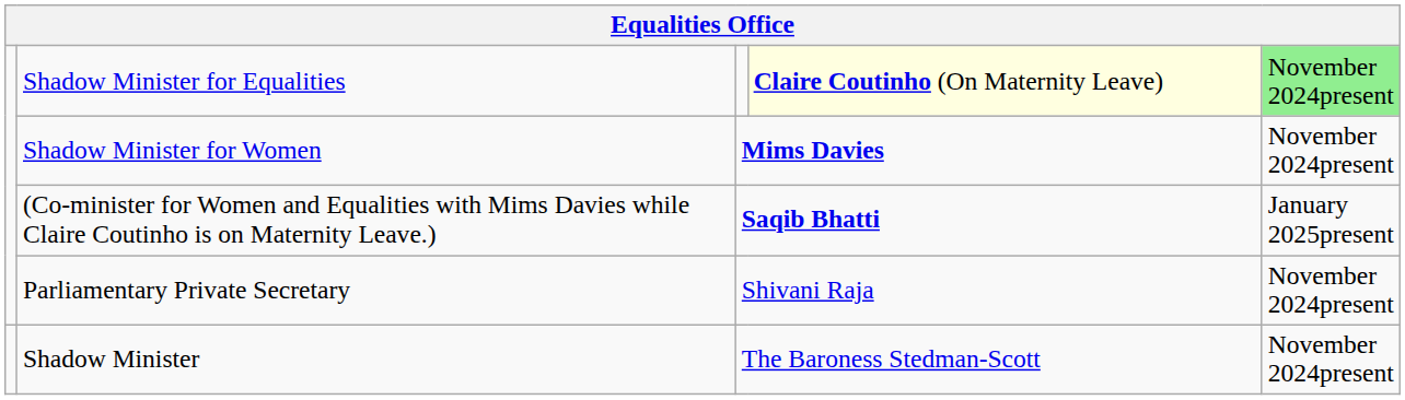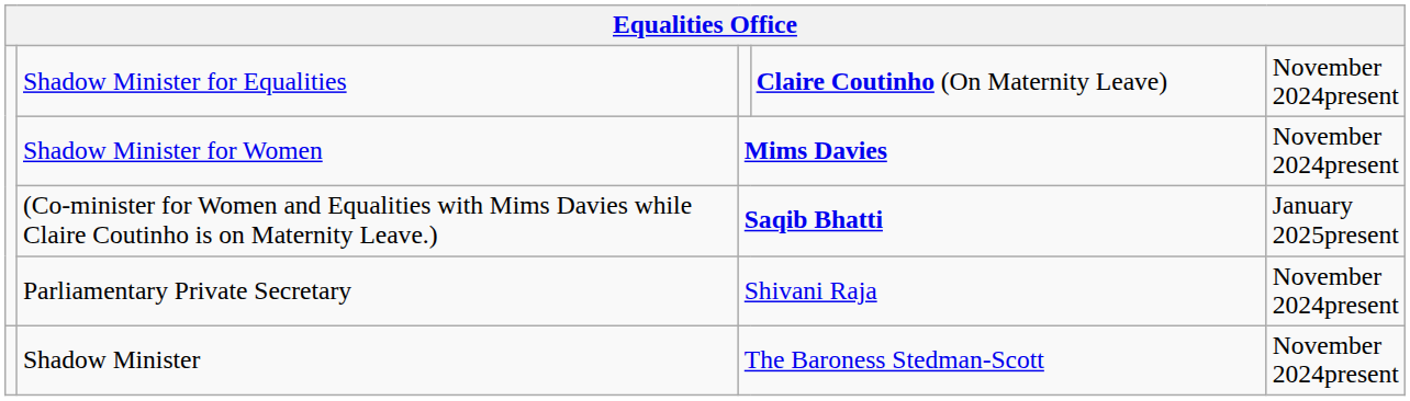 <table class="wikitable">
 <tr>
 <th colspan="5"><a href='#'>Equalities Office</a></th>
 </tr>
 <tr>
 <td rowspan="4" style="background: "></td>
 <td style="width: 450px;"><a href='#'>Shadow Minister for Equalities</a></td>
 <td style="background: "></td>
-<td style="background: lightyellow; width: 320px;"><strong><a href='#'>Claire Coutinho</a></strong> (On Maternity Leave)</td>
-<td style="background: lightgreen;">November 2024present</td>
+<td style="width: 320px;"><strong><a href='#'>Claire Coutinho</a></strong> (On Maternity Leave)</td>
+<td>November 2024present</td>
 </tr>
 <tr>
 <td><a href='#'>Shadow Minister for Women</a></td>
 <td colspan="2"><strong><a href='#'>Mims Davies</a></strong></td>
 <td>November 2024present</td>
 </tr>
 <tr>
 <td>(Co-minister for Women and Equalities with Mims Davies while Claire Coutinho is on Maternity Leave.)</td>
 <td colspan="2"><strong><a href='#'>Saqib Bhatti</a></strong></td>
 <td>January 2025present</td>
 </tr>
 <tr>
 <td>Parliamentary Private Secretary</td>
 <td colspan="2"><a href='#'>Shivani Raja</a></td>
 <td>November 2024present</td>
 </tr>
 <tr>
 <td rowspan="2" style="background: "></td>
 <td>Shadow Minister</td>
 <td colspan="2"><a href='#'>The Baroness Stedman-Scott</a></td>
 <td>November 2024present</td>
 </tr>
 </table>
